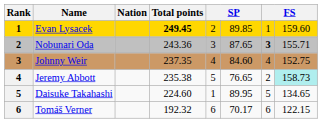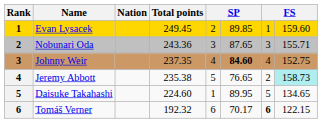 <table class="wikitable sortable">
 <tr>
 <th>Rank</th>
 <th>Name</th>
 <th>Nation</th>
 <th>Total points</th>
 <th colspan="2" width="80px"><a href='#'>SP</a></th>
 <th colspan="2" width="80px"><a href='#'>FS</a></th>
 </tr>
 <tr bgcolor="gold">
 <td align="center"><strong>1</strong></td>
 <td><a href='#'>Evan Lysacek</a></td>
 <td></td>
-<td align="center"><strong>249.45</strong></td>
+<td align="center">249.45</td>
 <td align="center">2</td>
 <td align="center">89.85</td>
 <td align="center">1</td>
 <td align="center">159.60</td>
 </tr>
 <tr bgcolor="silver">
 <td align="center"><strong>2</strong></td>
 <td><a href='#'>Nobunari Oda</a></td>
 <td></td>
 <td align="center">243.36</td>
 <td align="center">3</td>
 <td align="center">87.65</td>
-<td align="center"><strong>3</strong></td>
+<td align="center">3</td>
 <td align="center">155.71</td>
 </tr>
 <tr bgcolor="cc9966">
 <td align="center"><strong>3</strong></td>
 <td><a href='#'>Johnny Weir</a></td>
 <td></td>
 <td align="center">237.35</td>
 <td align="center">4</td>
-<td align="center">84.60</td>
+<td align="center"><strong>84.60</strong></td>
 <td align="center">4</td>
 <td align="center">152.75</td>
 </tr>
 <tr>
 <th>4</th>
 <td><a href='#'>Jeremy Abbott</a></td>
 <td></td>
 <td align="center">235.38</td>
 <td align="center">5</td>
 <td align="center">76.65</td>
 <td align="center">2</td>
 <td align="center" style="background: paleturquoise;">158.73</td>
 </tr>
 <tr>
 <th>5</th>
 <td><a href='#'>Daisuke Takahashi</a></td>
 <td></td>
 <td align="center">224.60</td>
 <td align="center">1</td>
 <td align="center">89.95</td>
 <td align="center">5</td>
 <td align="center">134.65</td>
 </tr>
 <tr>
 <th>6</th>
 <td><a href='#'>Tomáš Verner</a></td>
 <td></td>
 <td align="center">192.32</td>
 <td align="center">6</td>
 <td align="center">70.17</td>
-<td align="center">6</td>
+<td align="center"><strong>6</strong></td>
 <td align="center">122.15</td>
 </tr>
 </table>
